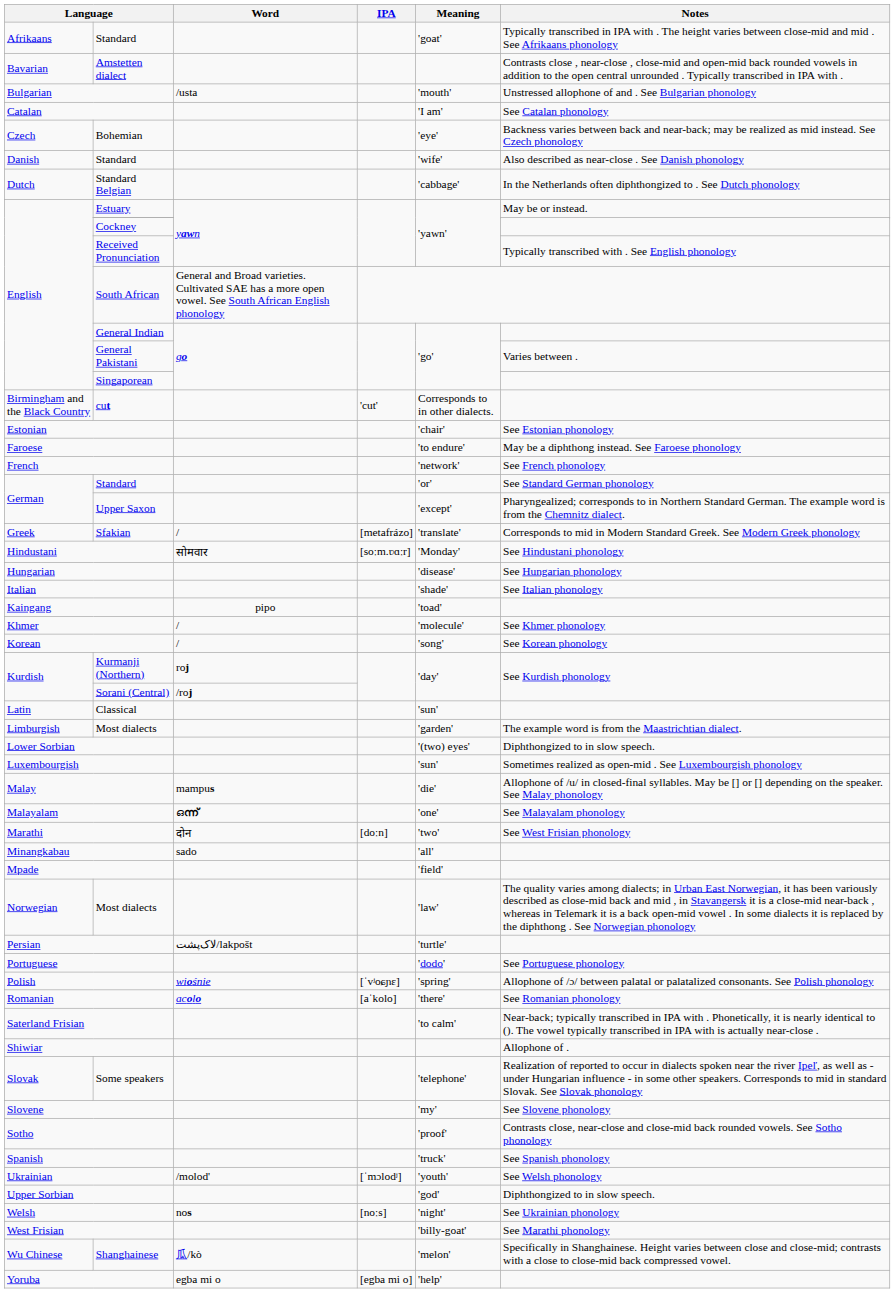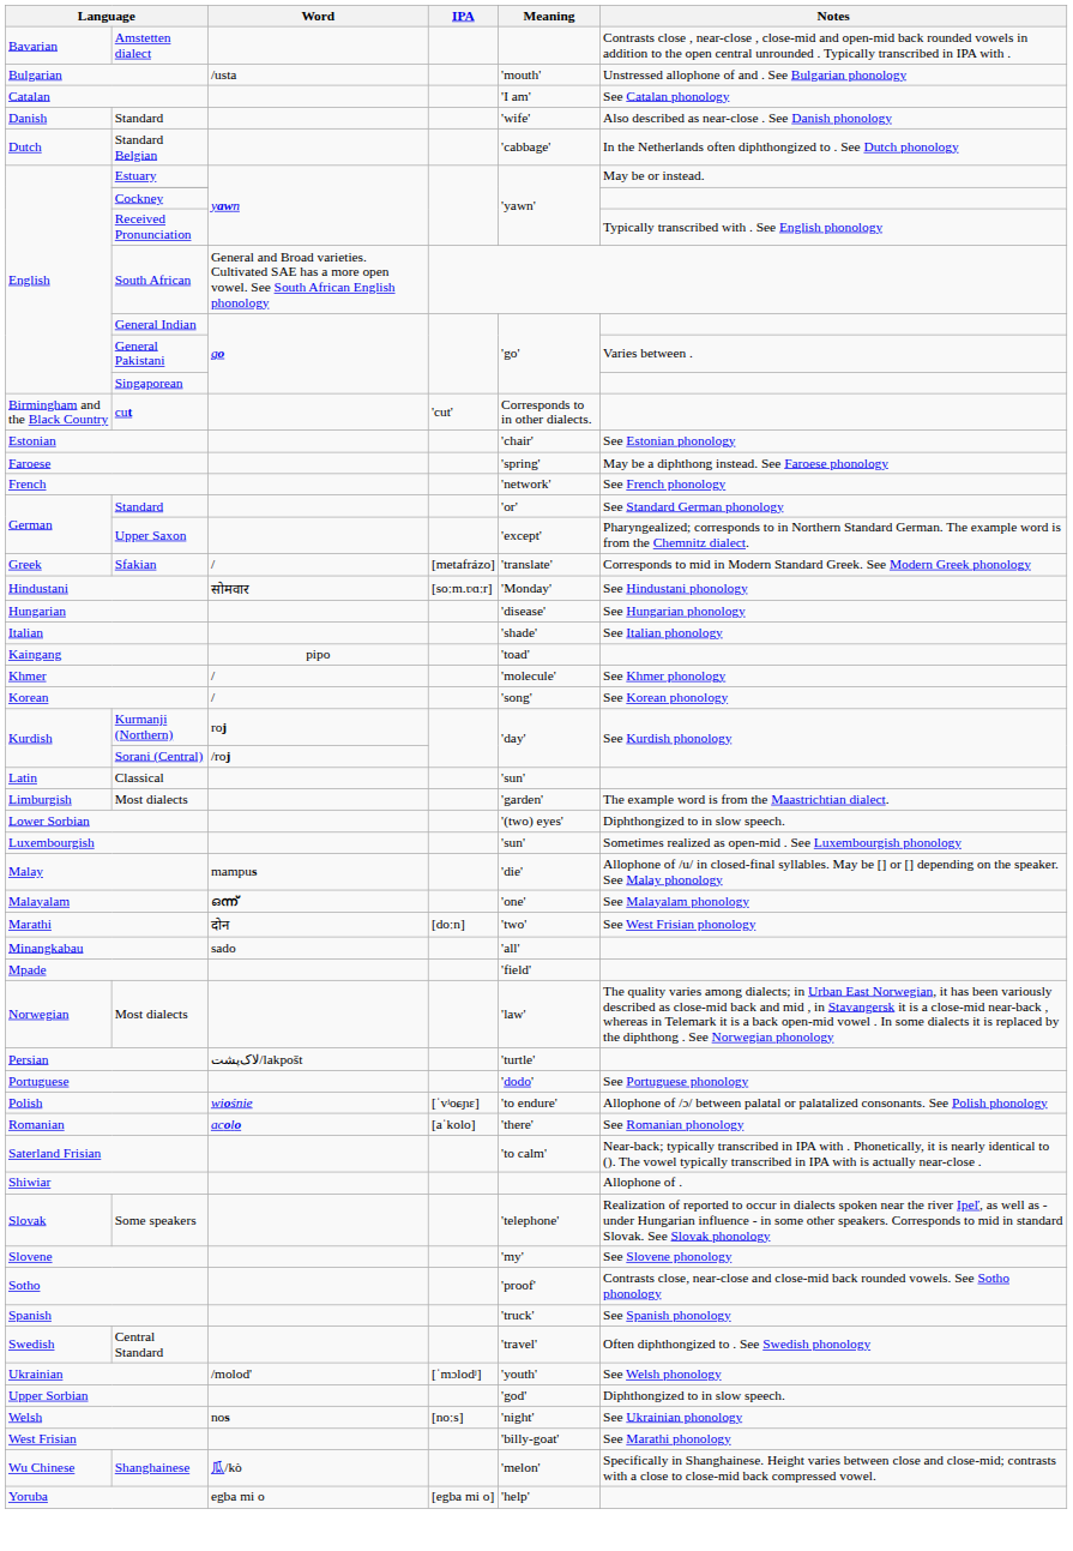 <table class="wikitable" style="clear: both;">
 <tr>
 <th colspan="2">Language</th>
 <th>Word</th>
 <th><a href='#'>IPA</a></th>
 <th>Meaning</th>
 <th>Notes</th>
-</tr>
-<tr>
-<td><a href='#'>Afrikaans</a></td>
-<td>Standard</td>
-<td></td>
-<td></td>
-<td>'goat'</td>
-<td>Typically transcribed in IPA with . The height varies between close-mid  and mid . See <a href='#'>Afrikaans phonology</a></td>
 </tr>
 <tr>
 <td><a href='#'>Bavarian</a></td>
 <td><a href='#'>Amstetten dialect</a></td>
 <td></td>
 <td></td>
 <td></td>
 <td>Contrasts close , near-close , close-mid  and open-mid  back rounded vowels in addition to the open central unrounded . Typically transcribed in IPA with .</td>
 </tr>
 <tr>
 <td colspan="2"><a href='#'>Bulgarian</a></td>
 <td>/usta</td>
 <td></td>
 <td>'mouth'</td>
 <td>Unstressed allophone of  and . See <a href='#'>Bulgarian phonology</a></td>
 </tr>
 <tr>
 <td colspan="2"><a href='#'>Catalan</a></td>
 <td></td>
 <td></td>
 <td>'I am'</td>
 <td>See <a href='#'>Catalan phonology</a></td>
-</tr>
-<tr>
-<td><a href='#'>Czech</a></td>
-<td>Bohemian</td>
-<td></td>
-<td></td>
-<td>'eye'</td>
-<td>Backness varies between back and near-back; may be realized as mid  instead. See <a href='#'>Czech phonology</a></td>
 </tr>
 <tr>
 <td><a href='#'>Danish</a></td>
 <td>Standard</td>
 <td></td>
 <td></td>
 <td>'wife'</td>
 <td>Also described as near-close . See <a href='#'>Danish phonology</a></td>
 </tr>
 <tr>
 <td><a href='#'>Dutch</a></td>
 <td>Standard <a href='#'>Belgian</a></td>
 <td></td>
 <td></td>
 <td>'cabbage'</td>
 <td>In the Netherlands often diphthongized to . See <a href='#'>Dutch phonology</a></td>
 </tr>
 <tr>
 <td rowspan="8"><a href='#'>English</a></td>
 <td><a href='#'>Estuary</a></td>
 <td rowspan="4"><em><a href='#'>y<strong>aw</strong>n</a></em></td>
 <td rowspan="4"></td>
 <td rowspan="4">'yawn'</td>
 <td rowspan="2">May be  or  instead.</td>
 </tr>
 <tr>
 </tr>
 <tr>
 <td><a href='#'>Cockney</a></td>
 </tr>
 <tr>
 <td><a href='#'>Received Pronunciation</a></td>
 <td>Typically transcribed with . See <a href='#'>English phonology</a></td>
 </tr>
 <tr>
 <td><a href='#'>South African</a></td>
 <td>General and Broad varieties. Cultivated SAE has a more open vowel. See <a href='#'>South African English phonology</a></td>
 </tr>
 <tr>
 <td><a href='#'>General Indian</a></td>
 <td rowspan="3"><a href='#'><em>g<strong>o<strong><em></a></td>
 <td rowspan="3"></td>
 <td rowspan="3">'go'</td>
 <td></td>
 </tr>
 <tr>
 <td><a href='#'>General Pakistani</a></td>
 <td>Varies between .</td>
 </tr>
 <tr>
 <td><a href='#'>Singaporean</a></td>
 <td></td>
 </tr>
 <tr>
 <td><a href='#'>Birmingham</a> and the <a href='#'>Black Country</a></td>
 <td rowspan="1"><a href='#'></em>c</strong>u<strong>t<em></a></td>
 <td rowspan="1"></td>
 <td rowspan="1">'cut'</td>
 <td>Corresponds to  in other dialects.</td>
 </tr>
 <tr>
 <td colspan="2"><a href='#'>Estonian</a></td>
 <td></td>
 <td></td>
 <td>'chair'</td>
 <td>See <a href='#'>Estonian phonology</a></td>
 </tr>
 <tr>
 <td colspan="2"><a href='#'>Faroese</a></td>
 <td></td>
 <td></td>
-<td>'to endure'</td>
+<td>'spring'</td>
 <td>May be a diphthong  instead. See <a href='#'>Faroese phonology</a></td>
 </tr>
 <tr>
 <td colspan="2"><a href='#'>French</a></td>
 <td></td>
 <td></td>
 <td>'network'</td>
 <td>See <a href='#'>French phonology</a></td>
 </tr>
 <tr>
 <td rowspan="2"><a href='#'>German</a></td>
 <td><a href='#'>Standard</a></td>
 <td></td>
 <td></td>
 <td>'or'</td>
 <td>See <a href='#'>Standard German phonology</a></td>
 </tr>
 <tr>
 <td><a href='#'>Upper Saxon</a></td>
 <td></td>
 <td></td>
 <td>'except'</td>
 <td>Pharyngealized; corresponds to  in Northern Standard German. The example word is from the <a href='#'>Chemnitz dialect</a>.</td>
 </tr>
 <tr>
 <td><a href='#'>Greek</a></td>
 <td><a href='#'>Sfakian</a></td>
 <td> / </td>
 <td>[metafrázo]</td>
 <td>'translate'</td>
 <td>Corresponds to mid  in Modern Standard Greek. See <a href='#'>Modern Greek phonology</a></td>
 </tr>
 <tr>
 <td colspan="2"><a href='#'>Hindustani</a></td>
 <td>सोमवार</td>
 <td>[soːm.ʋɑːr]</td>
 <td>'Monday'</td>
 <td>See <a href='#'>Hindustani phonology</a></td>
 </tr>
 <tr>
 <td colspan="2"><a href='#'>Hungarian</a></td>
 <td></td>
 <td></td>
 <td>'disease'</td>
 <td>See <a href='#'>Hungarian phonology</a></td>
 </tr>
 <tr>
 <td colspan="2"><a href='#'>Italian</a></td>
 <td></td>
 <td></td>
 <td>'shade'</td>
 <td>See <a href='#'>Italian phonology</a></td>
 </tr>
 <tr>
 <td colspan="2"><a href='#'>Kaingang</a></td>
 <td align="center">pipo</td>
 <td></td>
 <td>'toad'</td>
 <td></td>
 </tr>
 <tr>
 <td colspan="2"><a href='#'>Khmer</a></td>
 <td> / </td>
 <td></td>
 <td>'molecule'</td>
 <td>See <a href='#'>Khmer phonology</a></td>
 </tr>
 <tr>
 <td colspan="2"><a href='#'>Korean</a></td>
 <td> / </td>
 <td></td>
 <td>'song'</td>
 <td>See <a href='#'>Korean phonology</a></td>
 </tr>
 <tr>
 <td rowspan="2"><a href='#'>Kurdish</a></td>
 <td><a href='#'>Kurmanji (Northern)</a></td>
 <td>r</strong>o<strong>j</td>
 <td rowspan="2"></td>
 <td rowspan="2">'day'</td>
 <td rowspan="2">See <a href='#'>Kurdish phonology</a></td>
 </tr>
 <tr>
 <td><a href='#'>Sorani (Central)</a></td>
 <td>/r</strong>o<strong>j</td>
 </tr>
 <tr>
 <td><a href='#'>Latin</a></td>
 <td>Classical</td>
 <td></td>
 <td></td>
 <td>'sun'</td>
 <td></td>
 </tr>
 <tr>
 <td><a href='#'>Limburgish</a></td>
 <td>Most dialects</td>
 <td></td>
 <td></td>
 <td>'garden'</td>
 <td>The example word is from the <a href='#'>Maastrichtian dialect</a>.</td>
 </tr>
 <tr>
 <td colspan="2"><a href='#'>Lower Sorbian</a></td>
 <td></td>
 <td></td>
 <td>'(two) eyes'</td>
 <td>Diphthongized to  in slow speech.</td>
 </tr>
 <tr>
 <td colspan="2"><a href='#'>Luxembourgish</a></td>
 <td></td>
 <td></td>
 <td>'sun'</td>
 <td>Sometimes realized as open-mid . See <a href='#'>Luxembourgish phonology</a></td>
 </tr>
 <tr>
 <td colspan="2"><a href='#'>Malay</a></td>
 <td></em>mamp</strong>u<strong>s<em></td>
 <td></td>
 <td>'die'</td>
 <td>Allophone of /u/ in closed-final syllables. May be [] or [] depending on the speaker. See <a href='#'>Malay phonology</a></td>
 </tr>
 <tr>
 <td colspan="2"><a href='#'>Malayalam</a></td>
 <td></strong>ഒ<strong>ന്ന്</td>
 <td></td>
 <td>'one'</td>
 <td>See <a href='#'>Malayalam phonology</a></td>
 </tr>
 <tr>
 <td colspan="2"><a href='#'>Marathi</a></td>
 <td>दोन</td>
 <td>[doːn]</td>
 <td>'two'</td>
 <td>See <a href='#'>West Frisian phonology</a></td>
 </tr>
 <tr>
 <td colspan="2"><a href='#'>Minangkabau</a></td>
 <td></em>sad</strong>o</em></strong></td>
 <td></td>
 <td>'all'</td>
 <td></td>
 </tr>
 <tr>
 <td colspan="2"><a href='#'>Mpade</a></td>
 <td></td>
 <td></td>
 <td>'field'</td>
 <td></td>
 </tr>
 <tr>
 <td><a href='#'>Norwegian</a></td>
 <td>Most dialects</td>
 <td></td>
 <td></td>
 <td>'law'</td>
 <td>The quality varies among dialects; in <a href='#'>Urban East Norwegian</a>, it has been variously described as close-mid back  and mid , in <a href='#'>Stavangersk</a> it is a close-mid near-back , whereas in Telemark it is a back open-mid vowel . In some dialects it is replaced by the diphthong . See <a href='#'>Norwegian phonology</a></td>
 </tr>
 <tr>
 <td colspan="2"><a href='#'>Persian</a></td>
 <td>لاک‌پشت/lakpošt</td>
 <td></td>
 <td>'turtle'</td>
 <td></td>
 </tr>
 <tr>
 <td colspan="2"><a href='#'>Portuguese</a></td>
 <td></td>
 <td></td>
 <td>'<a href='#'>dodo</a>'</td>
 <td>See <a href='#'>Portuguese phonology</a></td>
 </tr>
 <tr>
 <td colspan="2"><a href='#'>Polish</a></td>
 <td><a href='#'><em>wi<strong>o</strong>śnie</em></a></td>
 <td>[ˈvʲoɕɲɛ]</td>
-<td>'spring'</td>
+<td>'to endure'</td>
 <td>Allophone of /ɔ/ between palatal or palatalized consonants. See <a href='#'>Polish phonology</a></td>
 </tr>
 <tr>
 <td colspan="2"><a href='#'>Romanian</a></td>
 <td><a href='#'><em>ac<strong>o</strong>l<strong>o<strong><em></a></td>
 <td>[aˈkolo]</td>
 <td>'there'</td>
 <td>See <a href='#'>Romanian phonology</a></td>
 </tr>
 <tr>
 <td colspan="2"><a href='#'>Saterland Frisian</a></td>
 <td></td>
 <td></td>
 <td>'to calm'</td>
 <td>Near-back; typically transcribed in IPA with . Phonetically, it is nearly identical to  (). The vowel typically transcribed in IPA with  is actually near-close .</td>
 </tr>
 <tr>
 <td colspan="2"><a href='#'>Shiwiar</a></td>
 <td></td>
 <td></td>
 <td></td>
 <td>Allophone of .</td>
 </tr>
 <tr>
 <td><a href='#'>Slovak</a></td>
 <td>Some speakers</td>
 <td></td>
 <td></td>
 <td>'telephone'</td>
 <td>Realization of  reported to occur in dialects spoken near the river <a href='#'>Ipeľ</a>, as well as - under Hungarian influence - in some other speakers. Corresponds to mid  in standard Slovak. See <a href='#'>Slovak phonology</a></td>
 </tr>
 <tr>
 <td colspan="2"><a href='#'>Slovene</a></td>
 <td></td>
 <td></td>
 <td>'my'</td>
 <td>See <a href='#'>Slovene phonology</a></td>
 </tr>
 <tr>
 <td colspan="2"><a href='#'>Sotho</a></td>
 <td></td>
 <td></td>
 <td>'proof'</td>
 <td>Contrasts close, near-close and close-mid back rounded vowels. See <a href='#'>Sotho phonology</a></td>
 </tr>
 <tr>
 <td colspan="2"><a href='#'>Spanish</a></td>
 <td></td>
 <td></td>
 <td>'truck'</td>
 <td>See <a href='#'>Spanish phonology</a></td>
 </tr>
 <tr>
+<td><a href='#'>Swedish</a></td>
+<td>Central Standard</td>
+<td></td>
+<td></td>
+<td>'travel'</td>
+<td>Often diphthongized to . See <a href='#'>Swedish phonology</a></td>
+</tr>
+<tr>
 <td colspan="2"><a href='#'>Ukrainian</a></td>
 <td>/molod'</td>
 <td>[ˈmɔlodʲ]</td>
 <td>'youth'</td>
 <td>See <a href='#'>Welsh phonology</a></td>
 </tr>
 <tr>
 <td colspan="2"><a href='#'>Upper Sorbian</a></td>
 <td></td>
 <td></td>
 <td>'god'</td>
 <td>Diphthongized to  in slow speech.</td>
 </tr>
 <tr>
 <td colspan="2"><a href='#'>Welsh</a></td>
 <td>n</strong>o<strong>s</td>
 <td>[noːs]</td>
 <td>'night'</td>
 <td>See <a href='#'>Ukrainian phonology</a></td>
 </tr>
 <tr>
 <td colspan="2"><a href='#'>West Frisian</a></td>
 <td></td>
 <td></td>
 <td>'billy-goat'</td>
 <td>See <a href='#'>Marathi phonology</a></td>
 </tr>
 <tr>
 <td><a href='#'>Wu Chinese</a></td>
 <td><a href='#'>Shanghainese</a></td>
 <td><a href='#'>瓜</a>/kò</td>
 <td></td>
 <td>'melon'</td>
 <td>Specifically in Shanghainese. Height varies between close and close-mid; contrasts with a close to close-mid back compressed vowel.</td>
 </tr>
 <tr>
 <td colspan="2"><a href='#'>Yoruba</a></td>
 <td></em>egba mi </strong>o</em></strong></td>
 <td>[egba mi o]</td>
 <td>'help'</td>
 <td></td>
 </tr>
 </table>
